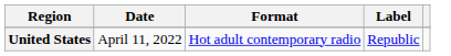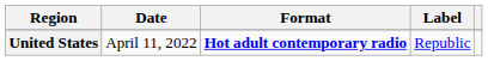 <table class="wikitable plainrowheaders"|+Release history for "Numb Little Bug">
 <tr>
 <th scope="col">Region</th>
 <th scope="col">Date</th>
 <th scope="col">Format</th>
 <th scope="col">Label</th>
 <th scope="col"></th>
 </tr>
 <tr>
 </tr>
 <tr>
 <th scope="row">United States</th>
 <td>April 11, 2022</td>
-<td rowspan="1"><a href='#'>Hot adult contemporary radio</a></td>
+<td rowspan="1"><strong><a href='#'>Hot adult contemporary radio</a></strong></td>
 <td rowspan="1"><a href='#'>Republic</a></td>
 <td></td>
 </tr>
 </table>
